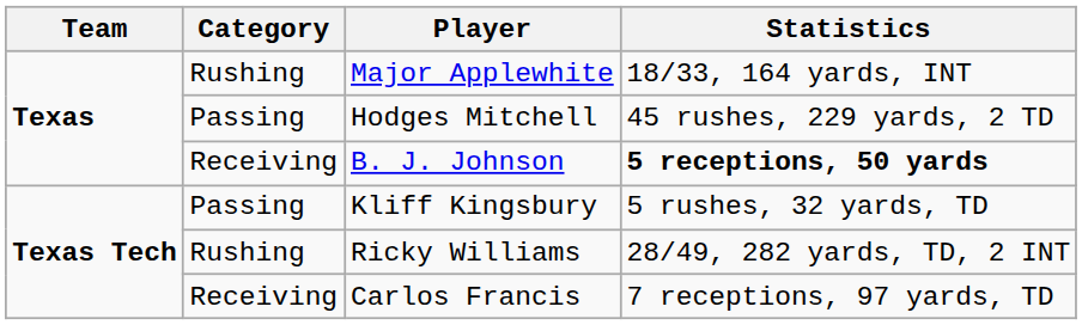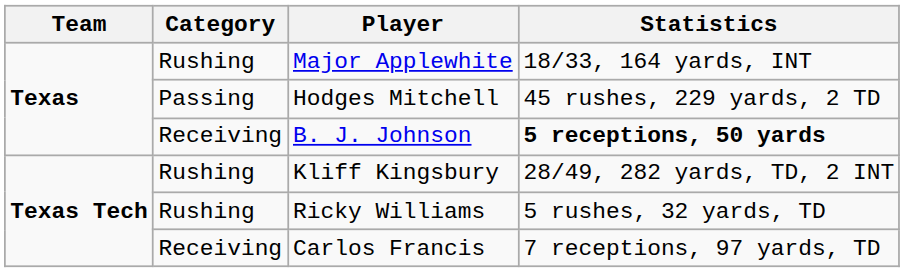 <table class="wikitable" style="float: left;">
 <tr>
 <th>Team</th>
 <th>Category</th>
 <th>Player</th>
 <th>Statistics</th>
 </tr>
 <tr>
 <td rowspan=3><strong>Texas</strong></td>
 <td>Rushing</td>
 <td><a href='#'>Major Applewhite</a></td>
 <td>18/33, 164 yards, INT</td>
 </tr>
 <tr>
 <td>Passing</td>
 <td>Hodges Mitchell</td>
 <td>45 rushes, 229 yards, 2 TD</td>
 </tr>
 <tr>
 <td>Receiving</td>
 <td><a href='#'>B. J. Johnson</a></td>
 <td><strong>5 receptions, 50 yards</strong></td>
 </tr>
 <tr>
 <td rowspan=3><strong>Texas Tech</strong></td>
-<td>Passing</td>
+<td>Rushing</td>
 <td>Kliff Kingsbury</td>
-<td>5 rushes, 32 yards, TD</td>
+<td>28/49, 282 yards, TD, 2 INT</td>
 </tr>
 <tr>
 <td>Rushing</td>
 <td>Ricky Williams</td>
-<td>28/49, 282 yards, TD, 2 INT</td>
+<td>5 rushes, 32 yards, TD</td>
 </tr>
 <tr>
 <td>Receiving</td>
 <td>Carlos Francis</td>
 <td>7 receptions, 97 yards, TD</td>
 </tr>
 </table>
